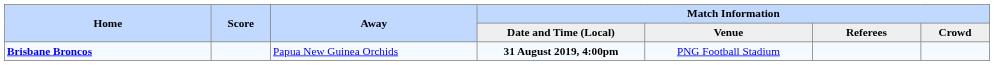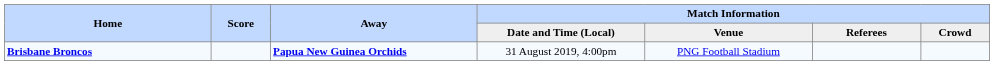 <table border="1" cellpadding="3" cellspacing="0" style="border-collapse:collapse; font-size:90%; text-align:center; width:100%;">
 <tr style="background:#c1d8ff;">
 <th rowspan="2" style="width:21%;">Home</th>
 <th rowspan="2" style="width:6%;">Score</th>
 <th rowspan="2" style="width:21%;">Away</th>
 <th colspan=6>Match Information</th>
 </tr>
 <tr style="background:#efefef;">
 <th width=17%>Date and Time (Local)</th>
 <th width=17%>Venue</th>
 <th width=11%>Referees</th>
 <th width=7%>Crowd</th>
 </tr>
 <tr style="background:#f5faff;">
 <td align=left> <strong><a href='#'>Brisbane Broncos</a></strong></td>
 <td></td>
-<td align=left> <a href='#'>Papua New Guinea Orchids</a></td>
-<td><strong>31 August 2019, 4:00pm</strong></td>
+<td align=left><strong> <a href='#'>Papua New Guinea Orchids</a></strong></td>
+<td>31 August 2019, 4:00pm</td>
 <td><a href='#'>PNG Football Stadium</a></td>
 <td></td>
 <td></td>
 </tr>
 </table>
